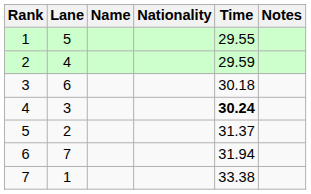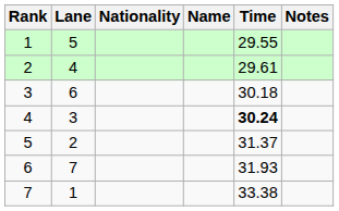 <table class="wikitable sortable" style="text-align:center">
 <tr>
 <th>Rank</th>
 <th>Lane</th>
+<th>Nationality</th>
 <th>Name</th>
-<th>Nationality</th>
 <th>Time</th>
 <th>Notes</th>
 </tr>
 <tr bgcolor=ccffcc>
 <td>1</td>
 <td>5</td>
 <td align=left></td>
 <td align=left></td>
 <td>29.55</td>
 <td><strong></strong></td>
 </tr>
 <tr bgcolor=ccffcc>
 <td>2</td>
 <td>4</td>
 <td align=left></td>
 <td align=left></td>
-<td>29.59</td>
+<td>29.61</td>
 <td><strong></strong></td>
 </tr>
 <tr>
 <td>3</td>
 <td>6</td>
 <td align=left></td>
 <td align=left></td>
 <td>30.18</td>
 <td></td>
 </tr>
 <tr>
 <td>4</td>
 <td>3</td>
 <td align=left></td>
 <td align=left></td>
 <td><strong>30.24</strong></td>
 <td></td>
 </tr>
 <tr>
 <td>5</td>
 <td>2</td>
 <td align=left></td>
 <td align=left></td>
 <td>31.37</td>
 <td></td>
 </tr>
 <tr>
 <td>6</td>
 <td>7</td>
 <td align=left></td>
 <td align=left></td>
-<td>31.94</td>
+<td>31.93</td>
 <td></td>
 </tr>
 <tr>
 <td>7</td>
 <td>1</td>
 <td align=left></td>
 <td align=left></td>
 <td>33.38</td>
 <td></td>
 </tr>
 </table>
